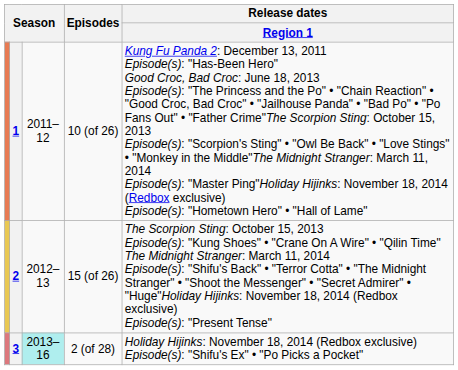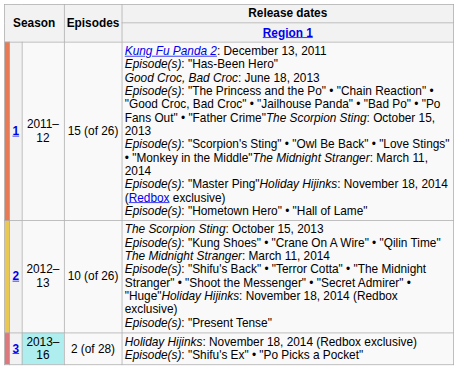 <table class="wikitable">
 <tr>
 <th colspan=3 rowspan=2>Season</th>
 <th rowspan=2>Episodes</th>
 <th>Release dates</th>
 </tr>
 <tr>
 <th><a href='#'>Region 1</a></th>
 </tr>
 <tr>
 <td style="background:#E87B53"></td>
 <th><a href='#'>1</a></th>
 <td style="text-align: center">2011–12</td>
-<td style="text-align: center">10 (of 26)</td>
+<td style="text-align: center">15 (of 26)</td>
 <td><em><a href='#'>Kung Fu Panda 2</a></em>: December 13, 2011<br><em>Episode(s)</em>: "Has-Been Hero"<br><em>Good Croc, Bad Croc</em>: June 18, 2013<br><em>Episode(s)</em>: "The Princess and the Po" • "Chain Reaction" • "Good Croc, Bad Croc" • "Jailhouse Panda" • "Bad Po" • "Po Fans Out" • "Father Crime"<em>The Scorpion Sting</em>: October 15, 2013<br><em>Episode(s)</em>: "Scorpion's Sting" • "Owl Be Back" • "Love Stings" • "Monkey in the Middle"<em>The Midnight Stranger</em>: March 11, 2014<br><em>Episode(s)</em>: "Master Ping"<em>Holiday Hijinks</em>: November 18, 2014 (<a href='#'>Redbox</a> exclusive)<br><em>Episode(s)</em>: "Hometown Hero" • "Hall of Lame"</td>
 </tr>
 <tr>
 <td style="background:#E9C853"></td>
 <th><a href='#'>2</a></th>
 <td style="text-align: center">2012–13</td>
-<td style="text-align: center">15 (of 26)</td>
+<td style="text-align: center">10 (of 26)</td>
 <td><em>The Scorpion Sting</em>: October 15, 2013<br><em>Episode(s)</em>: "Kung Shoes" • "Crane On A Wire" • "Qilin Time"<br><em>The Midnight Stranger</em>: March 11, 2014<br><em>Episode(s)</em>: "Shifu's Back" • "Terror Cotta" • "The Midnight Stranger" • "Shoot the Messenger" • "Secret Admirer" • "Huge"<em>Holiday Hijinks</em>: November 18, 2014 (Redbox exclusive)<br><em>Episode(s)</em>: "Present Tense"</td>
 </tr>
 <tr>
 <td style="background:#DD787D"></td>
 <th><a href='#'>3</a></th>
 <td style="background: paleturquoise; text-align: center">2013–16</td>
 <td style="text-align: center">2 (of 28)</td>
 <td><em>Holiday Hijinks</em>: November 18, 2014 (Redbox exclusive)<br><em>Episode(s)</em>: "Shifu's Ex" • "Po Picks a Pocket"</td>
 </tr>
 </table>
